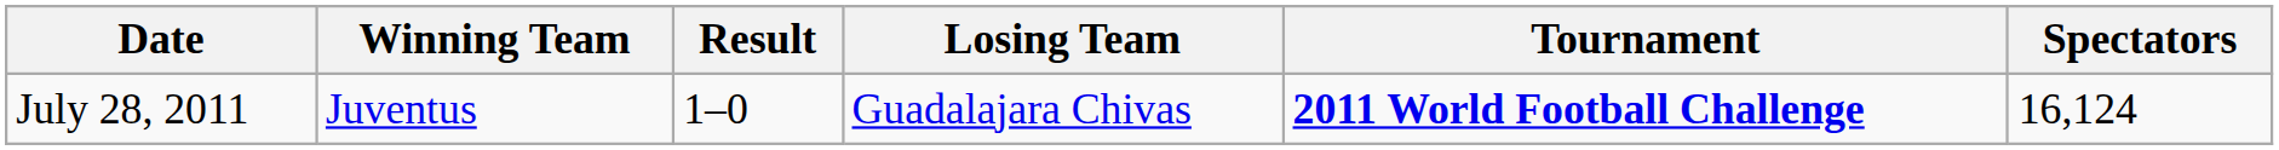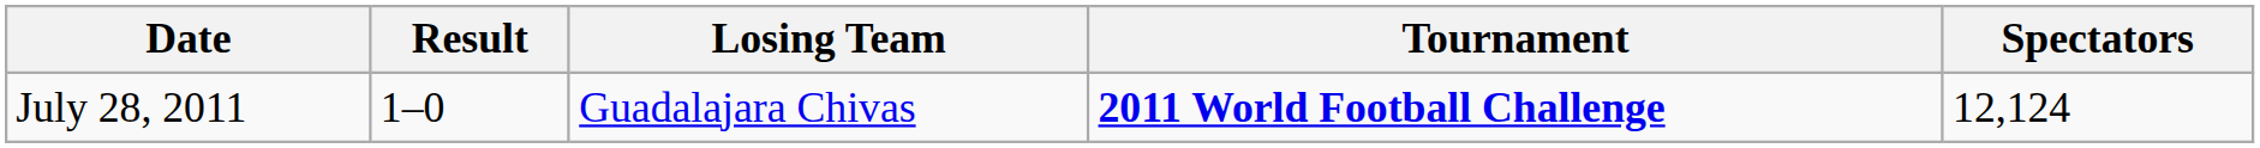 <table class="wikitable" style="text-align:left; width:95%;" style="text-align:center">
 <tr>
 <th style="text-align:center; ">Date</th>
-<th style="text-align:center; ">Winning Team</th>
 <th style="text-align:center; ">Result</th>
 <th style="text-align:center; ">Losing Team</th>
 <th style="text-align:center; ">Tournament</th>
 <th style="text-align:center; ">Spectators</th>
 </tr>
 <tr>
 <td>July 28, 2011</td>
-<td> <a href='#'>Juventus</a></td>
 <td>1–0</td>
 <td> <a href='#'>Guadalajara Chivas</a></td>
 <td><strong><a href='#'>2011 World Football Challenge</a></strong></td>
-<td>16,124</td>
+<td>12,124</td>
 </tr>
 </table>
